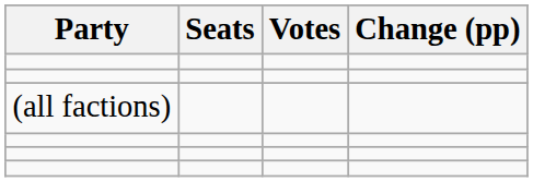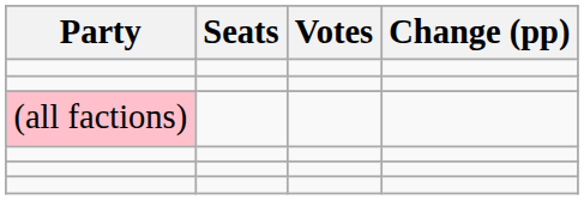 <table class="wikitable" style="text-align:right;">
 <tr>
 <th>Party</th>
 <th>Seats</th>
 <th>Votes</th>
 <th colspan="3">Change (pp)</th>
 </tr>
 <tr>
 <td style="text-align:left;"></td>
 <td></td>
 <td></td>
 <td></td>
 </tr>
 <tr>
 <td style="text-align:left;"></td>
 <td></td>
 <td></td>
 <td></td>
 </tr>
 <tr>
-<td style="text-align:left;"> (all factions)</td>
+<td style="background: pink; text-align:left;"> (all factions)</td>
 <td></td>
 <td></td>
 <td></td>
 </tr>
 <tr>
 <td style="text-align:left;"></td>
 <td></td>
 <td></td>
 <td></td>
 </tr>
 <tr>
 <td style="text-align:left;"></td>
 <td></td>
 <td></td>
 <td></td>
 </tr>
 <tr>
 <td style="text-align:left;"></td>
 <td></td>
 <td></td>
 <td></td>
 </tr>
 </table>
